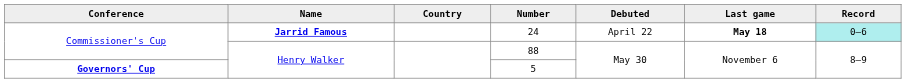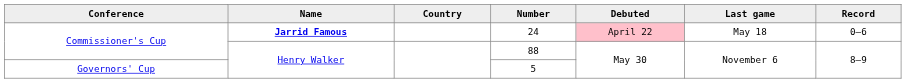 <table border="1" style="border-collapse:collapse; text-align:center; width:100%;"  cellpadding="5">
 <tr style="background:#eee;">
 <th>Conference</th>
 <th>Name</th>
 <th>Country</th>
 <th>Number</th>
 <th>Debuted</th>
 <th>Last game</th>
 <th>Record</th>
 </tr>
 <tr>
 <td rowspan=2><a href='#'>Commissioner's Cup</a></td>
 <td><strong><a href='#'>Jarrid Famous</a></strong></td>
 <td></td>
 <td>24</td>
-<td>April 22<br></td>
-<td><strong>May 18<br></strong></td>
-<td style="background: paleturquoise;">0–6</td>
+<td style="background: pink;">April 22<br></td>
+<td>May 18<br></td>
+<td>0–6</td>
 </tr>
 <tr>
 <td rowspan=2><a href='#'>Henry Walker</a></td>
 <td rowspan=2></td>
 <td>88</td>
 <td rowspan=2>May 30<br></td>
 <td rowspan=2>November 6<br></td>
 <td rowspan=2>8–9</td>
 </tr>
 <tr>
-<td><strong><a href='#'>Governors' Cup</a></strong></td>
+<td><a href='#'>Governors' Cup</a></td>
 <td>5</td>
 </tr>
 </table>
